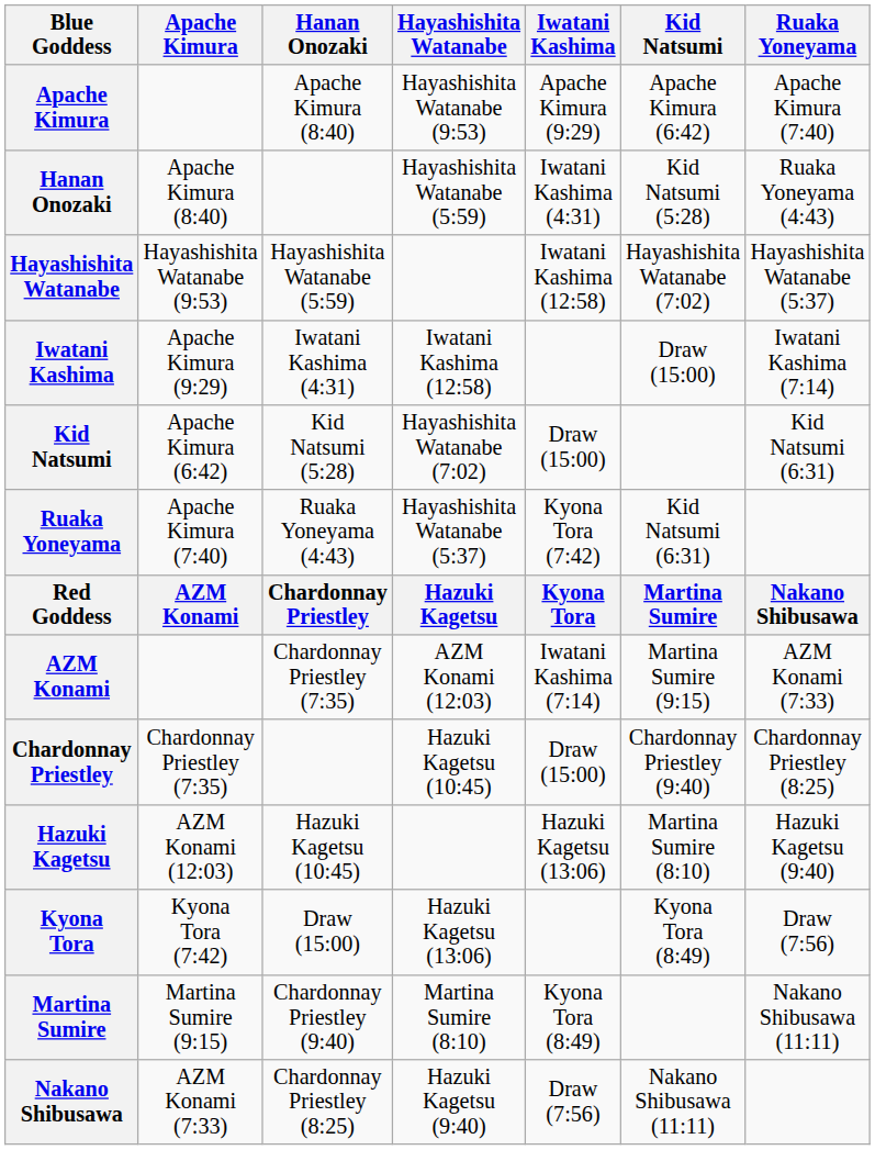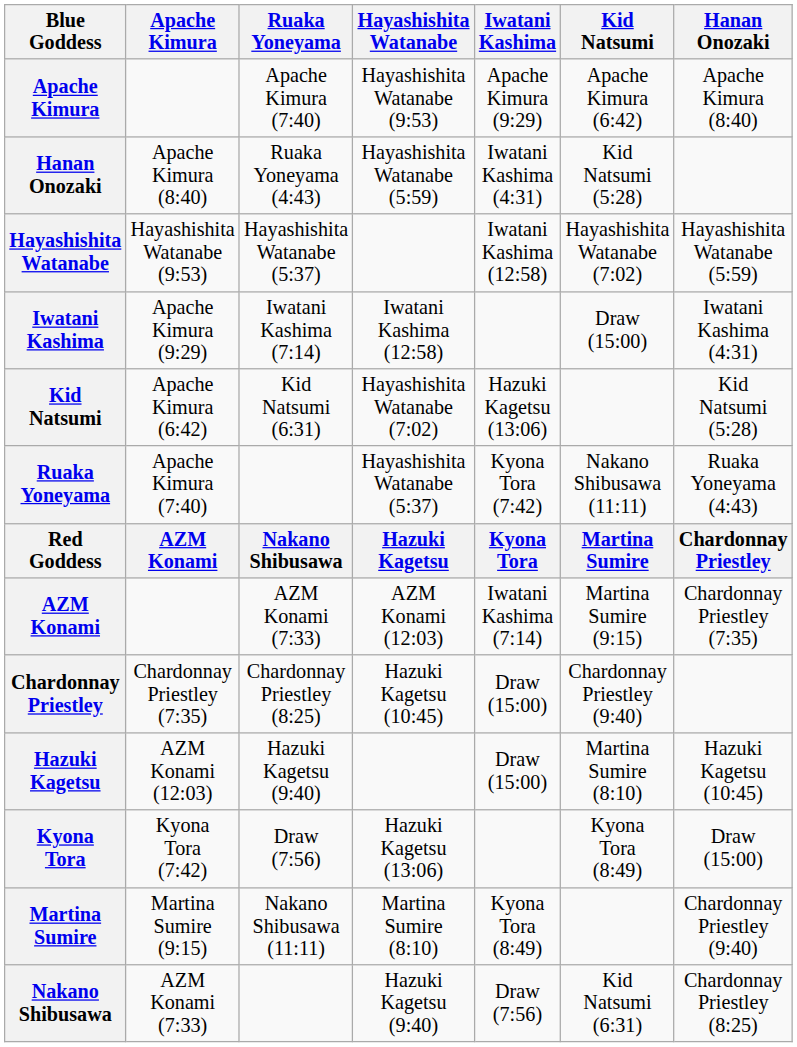 <table class="wikitable" style="text-align:center; margin: 1em auto 1em auto;" width="25%">
 <tr>
 <th>Blue Goddess</th>
 <th><a href='#'>Apache</a><br><a href='#'>Kimura</a></th>
-<th><a href='#'>Hanan</a><br>Onozaki</th>
+<th><a href='#'>Ruaka</a><br><a href='#'>Yoneyama</a></th>
 <th><a href='#'>Hayashishita</a><br><a href='#'>Watanabe</a></th>
 <th><a href='#'>Iwatani</a><br><a href='#'>Kashima</a></th>
 <th><a href='#'>Kid</a><br>Natsumi</th>
-<th><a href='#'>Ruaka</a><br><a href='#'>Yoneyama</a></th>
+<th><a href='#'>Hanan</a><br>Onozaki</th>
 </tr>
 <tr>
 <th><a href='#'>Apache</a><br><a href='#'>Kimura</a></th>
 <td></td>
-<td>Apache<br>Kimura<br>(8:40)</td>
+<td>Apache<br>Kimura<br>(7:40)</td>
 <td>Hayashishita<br>Watanabe<br>(9:53)</td>
 <td>Apache<br>Kimura<br>(9:29)</td>
 <td>Apache<br>Kimura<br>(6:42)</td>
-<td>Apache<br>Kimura<br>(7:40)</td>
+<td>Apache<br>Kimura<br>(8:40)</td>
 </tr>
 <tr>
 <th><a href='#'>Hanan</a><br>Onozaki</th>
 <td>Apache<br>Kimura<br>(8:40)</td>
-<td></td>
+<td>Ruaka<br>Yoneyama<br>(4:43)</td>
 <td>Hayashishita<br>Watanabe<br>(5:59)</td>
 <td>Iwatani<br>Kashima<br>(4:31)</td>
 <td>Kid<br>Natsumi<br>(5:28)</td>
-<td>Ruaka<br>Yoneyama<br>(4:43)</td>
+<td></td>
 </tr>
 <tr>
 <th><a href='#'>Hayashishita</a><br><a href='#'>Watanabe</a></th>
 <td>Hayashishita<br>Watanabe<br>(9:53)</td>
-<td>Hayashishita<br>Watanabe<br>(5:59)</td>
+<td>Hayashishita<br>Watanabe<br>(5:37)</td>
 <td></td>
 <td>Iwatani<br>Kashima<br>(12:58)</td>
 <td>Hayashishita<br>Watanabe<br>(7:02)</td>
-<td>Hayashishita<br>Watanabe<br>(5:37)</td>
+<td>Hayashishita<br>Watanabe<br>(5:59)</td>
 </tr>
 <tr>
 <th><a href='#'>Iwatani</a><br><a href='#'>Kashima</a></th>
 <td>Apache<br>Kimura<br>(9:29)</td>
-<td>Iwatani<br>Kashima<br>(4:31)</td>
+<td>Iwatani<br>Kashima<br>(7:14)</td>
 <td>Iwatani<br>Kashima<br>(12:58)</td>
 <td></td>
 <td>Draw<br>(15:00)</td>
-<td>Iwatani<br>Kashima<br>(7:14)</td>
+<td>Iwatani<br>Kashima<br>(4:31)</td>
 </tr>
 <tr>
 <th><a href='#'>Kid</a><br>Natsumi</th>
 <td>Apache<br>Kimura<br>(6:42)</td>
+<td>Kid<br>Natsumi<br>(6:31)</td>
+<td>Hayashishita<br>Watanabe<br>(7:02)</td>
+<td>Hazuki<br>Kagetsu<br>(13:06)</td>
+<td></td>
 <td>Kid<br>Natsumi<br>(5:28)</td>
-<td>Hayashishita<br>Watanabe<br>(7:02)</td>
-<td>Draw<br>(15:00)</td>
-<td></td>
-<td>Kid<br>Natsumi<br>(6:31)</td>
 </tr>
 <tr>
 <th><a href='#'>Ruaka</a><br><a href='#'>Yoneyama</a></th>
 <td>Apache<br>Kimura<br>(7:40)</td>
-<td>Ruaka<br>Yoneyama<br>(4:43)</td>
+<td></td>
 <td>Hayashishita<br>Watanabe<br>(5:37)</td>
 <td>Kyona<br>Tora<br>(7:42)</td>
-<td>Kid<br>Natsumi<br>(6:31)</td>
-<td></td>
+<td>Nakano<br>Shibusawa<br>(11:11)</td>
+<td>Ruaka<br>Yoneyama<br>(4:43)</td>
 </tr>
 <tr>
 <th>Red Goddess</th>
 <th><a href='#'>AZM</a><br><a href='#'>Konami</a></th>
-<th>Chardonnay<br><a href='#'>Priestley</a></th>
+<th><a href='#'>Nakano</a><br>Shibusawa</th>
 <th><a href='#'>Hazuki</a><br><a href='#'>Kagetsu</a></th>
 <th><a href='#'>Kyona</a><br><a href='#'>Tora</a></th>
 <th><a href='#'>Martina</a><br><a href='#'>Sumire</a></th>
-<th><a href='#'>Nakano</a><br>Shibusawa</th>
+<th>Chardonnay<br><a href='#'>Priestley</a></th>
 </tr>
 <tr>
 <th><a href='#'>AZM</a><br><a href='#'>Konami</a></th>
 <td></td>
-<td>Chardonnay<br>Priestley<br>(7:35)</td>
+<td>AZM<br>Konami<br>(7:33)</td>
 <td>AZM<br>Konami<br>(12:03)</td>
 <td>Iwatani<br>Kashima<br>(7:14)</td>
 <td>Martina<br>Sumire<br>(9:15)</td>
-<td>AZM<br>Konami<br>(7:33)</td>
+<td>Chardonnay<br>Priestley<br>(7:35)</td>
 </tr>
 <tr>
 <th>Chardonnay<br><a href='#'>Priestley</a></th>
 <td>Chardonnay<br>Priestley<br>(7:35)</td>
-<td></td>
+<td>Chardonnay<br>Priestley<br>(8:25)</td>
 <td>Hazuki<br>Kagetsu<br>(10:45)</td>
 <td>Draw<br>(15:00)</td>
 <td>Chardonnay<br>Priestley<br>(9:40)</td>
-<td>Chardonnay<br>Priestley<br>(8:25)</td>
+<td></td>
 </tr>
 <tr>
 <th><a href='#'>Hazuki</a><br><a href='#'>Kagetsu</a></th>
 <td>AZM<br>Konami<br>(12:03)</td>
+<td>Hazuki<br>Kagetsu<br>(9:40)</td>
+<td></td>
+<td>Draw<br>(15:00)</td>
+<td>Martina<br>Sumire<br>(8:10)</td>
 <td>Hazuki<br>Kagetsu<br>(10:45)</td>
-<td></td>
-<td>Hazuki<br>Kagetsu<br>(13:06)</td>
-<td>Martina<br>Sumire<br>(8:10)</td>
-<td>Hazuki<br>Kagetsu<br>(9:40)</td>
 </tr>
 <tr>
 <th><a href='#'>Kyona</a><br><a href='#'>Tora</a></th>
 <td>Kyona<br>Tora<br>(7:42)</td>
-<td>Draw<br>(15:00)</td>
+<td>Draw<br>(7:56)</td>
 <td>Hazuki<br>Kagetsu<br>(13:06)</td>
 <td></td>
 <td>Kyona<br>Tora<br>(8:49)</td>
-<td>Draw<br>(7:56)</td>
+<td>Draw<br>(15:00)</td>
 </tr>
 <tr>
 <th><a href='#'>Martina</a><br><a href='#'>Sumire</a></th>
 <td>Martina<br>Sumire<br>(9:15)</td>
-<td>Chardonnay<br>Priestley<br>(9:40)</td>
+<td>Nakano<br>Shibusawa<br>(11:11)</td>
 <td>Martina<br>Sumire<br>(8:10)</td>
 <td>Kyona<br>Tora<br>(8:49)</td>
 <td></td>
-<td>Nakano<br>Shibusawa<br>(11:11)</td>
+<td>Chardonnay<br>Priestley<br>(9:40)</td>
 </tr>
 <tr>
 <th><a href='#'>Nakano</a><br>Shibusawa</th>
 <td>AZM<br>Konami<br>(7:33)</td>
-<td>Chardonnay<br>Priestley<br>(8:25)</td>
+<td></td>
 <td>Hazuki<br>Kagetsu<br>(9:40)</td>
 <td>Draw<br>(7:56)</td>
-<td>Nakano<br>Shibusawa<br>(11:11)</td>
-<td></td>
+<td>Kid<br>Natsumi<br>(6:31)</td>
+<td>Chardonnay<br>Priestley<br>(8:25)</td>
 </tr>
 </table>
